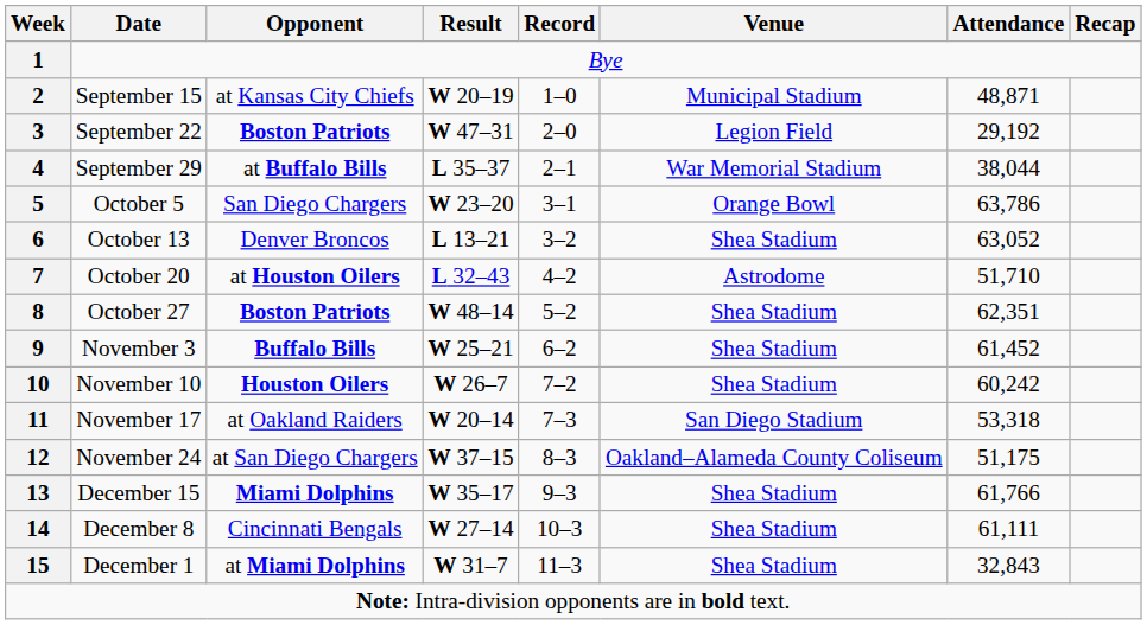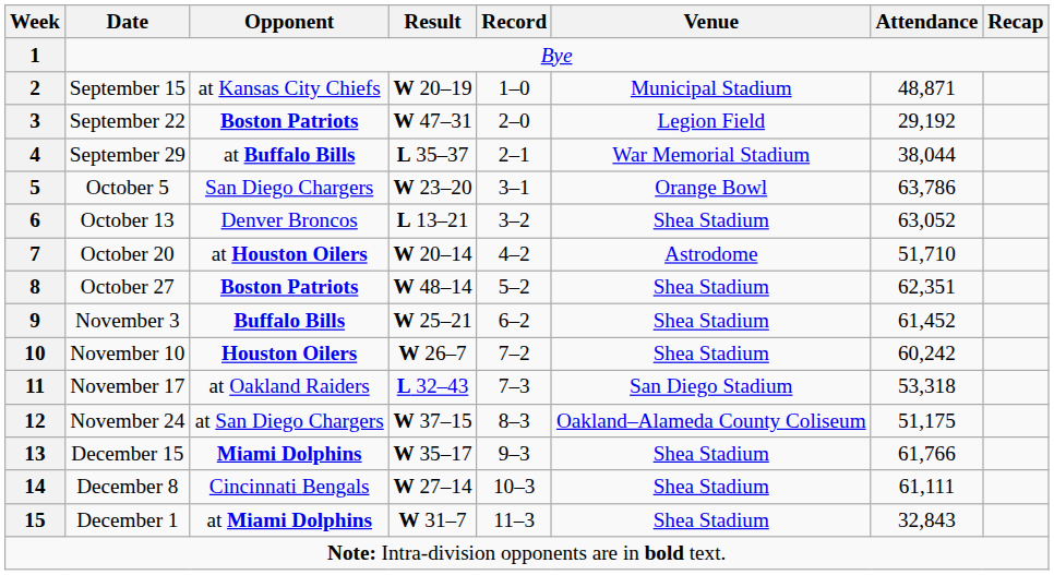 <table class="wikitable" style="text-align:center">
 <tr>
 <th>Week</th>
 <th>Date</th>
 <th>Opponent</th>
 <th>Result</th>
 <th>Record</th>
 <th>Venue</th>
 <th>Attendance</th>
 <th>Recap</th>
 </tr>
 <tr>
 <th>1</th>
 <td colspan=10><em><a href='#'>Bye</a></em></td>
 </tr>
 <tr -style="background: #cfc;">
 <th>2</th>
 <td>September 15</td>
 <td>at <a href='#'>Kansas City Chiefs</a></td>
 <td><strong>W</strong> 20–19</td>
 <td>1–0</td>
 <td><a href='#'>Municipal Stadium</a></td>
 <td>48,871</td>
 <td></td>
 </tr>
 <tr -style="background: #cfc;">
 <th>3</th>
 <td>September 22</td>
 <td><strong><a href='#'>Boston Patriots</a></strong></td>
 <td><strong>W</strong> 47–31</td>
 <td>2–0</td>
 <td><a href='#'>Legion Field</a></td>
 <td>29,192</td>
 <td></td>
 </tr>
 <tr -style="background: #fcc;">
 <th>4</th>
 <td>September 29</td>
 <td>at <strong><a href='#'>Buffalo Bills</a></strong></td>
 <td><strong>L</strong> 35–37</td>
 <td>2–1</td>
 <td><a href='#'>War Memorial Stadium</a></td>
 <td>38,044</td>
 <td></td>
 </tr>
 <tr -style="background: #cfc;">
 <th>5</th>
 <td>October 5</td>
 <td><a href='#'>San Diego Chargers</a></td>
 <td><strong>W</strong> 23–20</td>
 <td>3–1</td>
 <td><a href='#'>Orange Bowl</a></td>
 <td>63,786</td>
 <td></td>
 </tr>
 <tr -style="background: #fcc;">
 <th>6</th>
 <td>October 13</td>
 <td><a href='#'>Denver Broncos</a></td>
 <td><strong>L</strong> 13–21</td>
 <td>3–2</td>
 <td><a href='#'>Shea Stadium</a></td>
 <td>63,052</td>
 <td></td>
 </tr>
 <tr -style="background: #cfc;">
 <th>7</th>
 <td>October 20</td>
 <td>at <strong><a href='#'>Houston Oilers</a></strong></td>
-<td><a href='#'><strong>L</strong> 32–43</a></td>
+<td><strong>W</strong> 20–14</td>
 <td>4–2</td>
 <td><a href='#'>Astrodome</a></td>
 <td>51,710</td>
 <td></td>
 </tr>
 <tr -style="background: #cfc;">
 <th>8</th>
 <td>October 27</td>
 <td><strong><a href='#'>Boston Patriots</a></strong></td>
 <td><strong>W</strong> 48–14</td>
 <td>5–2</td>
 <td><a href='#'>Shea Stadium</a></td>
 <td>62,351</td>
 <td></td>
 </tr>
 <tr -style="background: #cfc;">
 <th>9</th>
 <td>November 3</td>
 <td><strong><a href='#'>Buffalo Bills</a></strong></td>
 <td><strong>W</strong> 25–21</td>
 <td>6–2</td>
 <td><a href='#'>Shea Stadium</a></td>
 <td>61,452</td>
 <td></td>
 </tr>
 <tr -style="background: #cfc;">
 <th>10</th>
 <td>November 10</td>
 <td><strong><a href='#'>Houston Oilers</a></strong></td>
 <td><strong>W</strong> 26–7</td>
 <td>7–2</td>
 <td><a href='#'>Shea Stadium</a></td>
 <td>60,242</td>
 <td></td>
 </tr>
 <tr -style="background: #fcc;">
 <th>11</th>
 <td>November 17</td>
 <td>at <a href='#'>Oakland Raiders</a></td>
-<td><strong>W</strong> 20–14</td>
+<td><a href='#'><strong>L</strong> 32–43</a></td>
 <td>7–3</td>
 <td><a href='#'>San Diego Stadium</a></td>
 <td>53,318</td>
 <td></td>
 </tr>
 <tr -style="background: #cfc;">
 <th>12</th>
 <td>November 24</td>
 <td>at <a href='#'>San Diego Chargers</a></td>
 <td><strong>W</strong> 37–15</td>
 <td>8–3</td>
 <td><a href='#'>Oakland–Alameda County Coliseum</a></td>
 <td>51,175</td>
 <td></td>
 </tr>
 <tr -style="background: #cfc;">
 <th>13</th>
 <td>December 15</td>
 <td><strong><a href='#'>Miami Dolphins</a></strong></td>
 <td><strong>W</strong> 35–17</td>
 <td>9–3</td>
 <td><a href='#'>Shea Stadium</a></td>
 <td>61,766</td>
 <td></td>
 </tr>
 <tr -style="background: #cfc;">
 <th>14</th>
 <td>December 8</td>
 <td><a href='#'>Cincinnati Bengals</a></td>
 <td><strong>W</strong> 27–14</td>
 <td>10–3</td>
 <td><a href='#'>Shea Stadium</a></td>
 <td>61,111</td>
 <td></td>
 </tr>
 <tr -style="background: #cfc;">
 <th>15</th>
 <td>December 1</td>
 <td>at <strong><a href='#'>Miami Dolphins</a></strong></td>
 <td><strong>W</strong> 31–7</td>
 <td>11–3</td>
 <td><a href='#'>Shea Stadium</a></td>
 <td>32,843</td>
 <td></td>
 </tr>
 <tr>
 <td colspan="8"><strong>Note:</strong> Intra-division opponents are in <strong>bold</strong> text.</td>
 </tr>
 </table>
